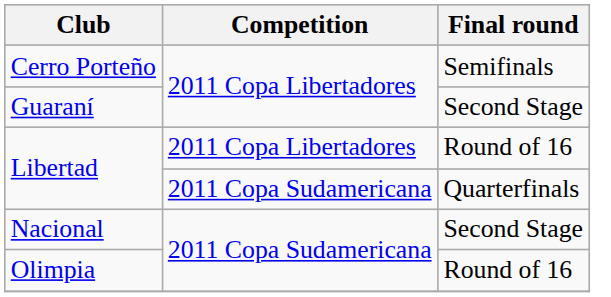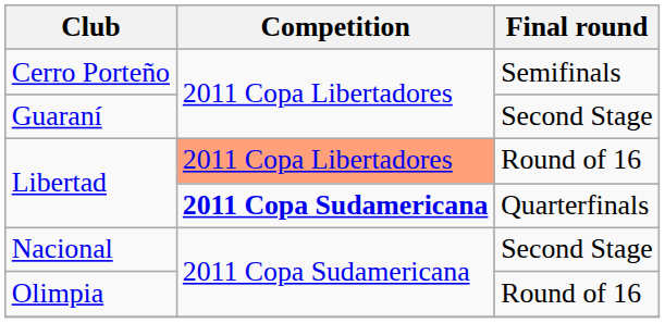 <table class="wikitable">
 <tr>
 <th>Club</th>
 <th>Competition</th>
 <th>Final round</th>
 </tr>
 <tr>
 <td rowspan=1><a href='#'>Cerro Porteño</a></td>
 <td rowspan=2><a href='#'>2011 Copa Libertadores</a></td>
 <td>Semifinals</td>
 </tr>
 <tr>
 <td rowspan=1><a href='#'>Guaraní</a></td>
 <td>Second Stage</td>
 </tr>
 <tr>
 <td rowspan=2><a href='#'>Libertad</a></td>
-<td rowspan=1><a href='#'>2011 Copa Libertadores</a></td>
+<td rowspan=1 style="background: lightsalmon;"><a href='#'>2011 Copa Libertadores</a></td>
 <td>Round of 16</td>
 </tr>
 <tr>
-<td rowspan=1><a href='#'>2011 Copa Sudamericana</a></td>
+<td rowspan=1><strong><a href='#'>2011 Copa Sudamericana</a></strong></td>
 <td>Quarterfinals</td>
 </tr>
 <tr>
 <td rowspan=1><a href='#'>Nacional</a></td>
 <td rowspan=2><a href='#'>2011 Copa Sudamericana</a></td>
 <td>Second Stage</td>
 </tr>
 <tr>
 <td rowspan=1><a href='#'>Olimpia</a></td>
 <td>Round of 16</td>
 </tr>
 <tr>
 </tr>
 </table>
